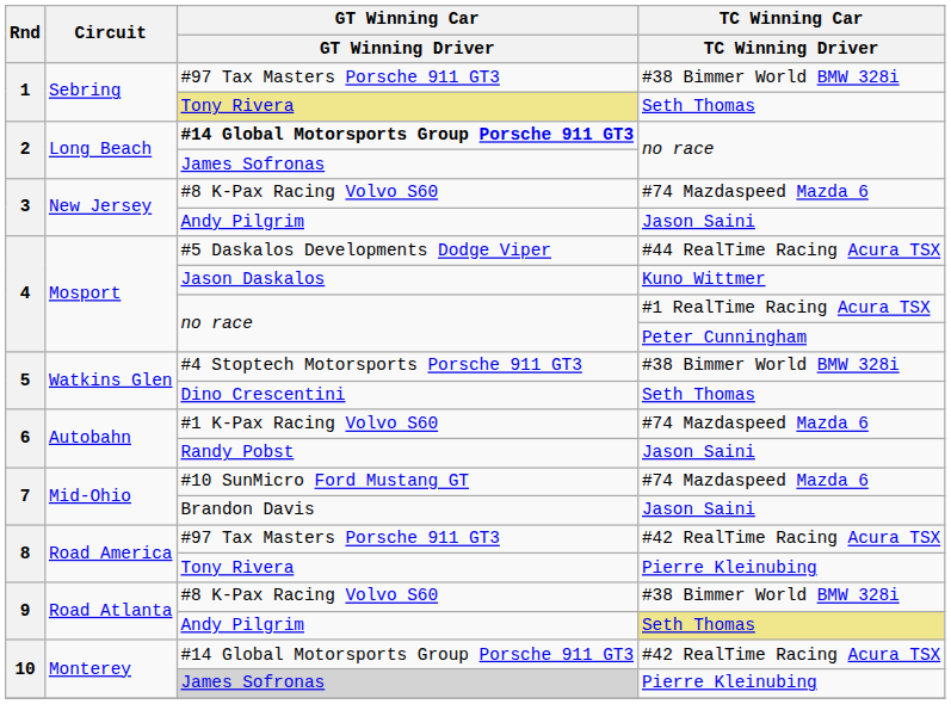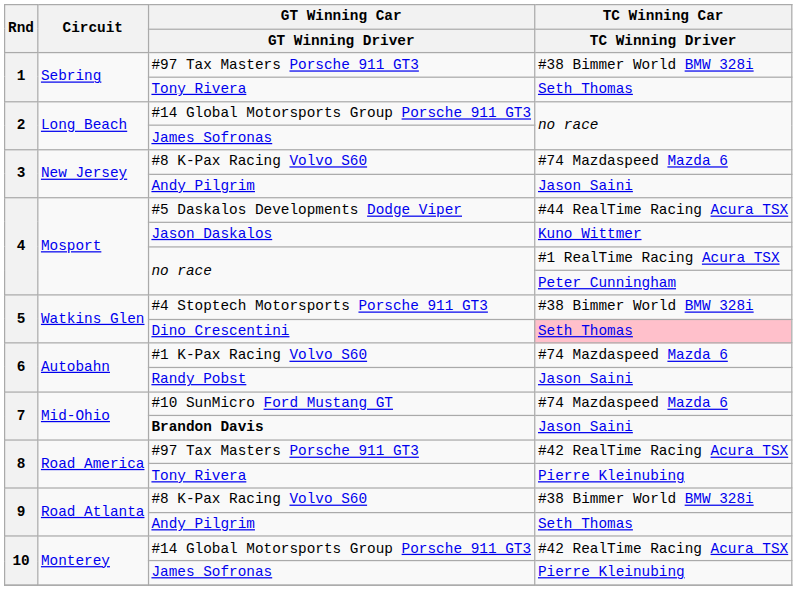 <table class="wikitable" style="font-size: 90%;">
 <tr>
 <th rowspan=2>Rnd</th>
 <th rowspan=2>Circuit</th>
 <th>GT Winning Car</th>
 <th>TC Winning Car</th>
 </tr>
 <tr>
 <th>GT Winning Driver</th>
 <th>TC Winning Driver</th>
 </tr>
 <tr>
 <th rowspan=2>1</th>
 <td rowspan=2><a href='#'>Sebring</a></td>
 <td>#97 Tax Masters <a href='#'>Porsche 911 GT3</a></td>
 <td>#38 Bimmer World <a href='#'>BMW 328i</a></td>
 </tr>
 <tr>
-<td style="background: khaki;"> <a href='#'>Tony Rivera</a></td>
+<td> <a href='#'>Tony Rivera</a></td>
 <td> <a href='#'>Seth Thomas</a></td>
 </tr>
 <tr>
 <th rowspan=2>2</th>
 <td rowspan=2><a href='#'>Long Beach</a></td>
-<td><strong>#14 Global Motorsports Group <a href='#'>Porsche 911 GT3</a></strong></td>
+<td>#14 Global Motorsports Group <a href='#'>Porsche 911 GT3</a></td>
 <td rowspan=2><em>no race</em></td>
 </tr>
 <tr>
 <td> <a href='#'>James Sofronas</a></td>
 </tr>
 <tr>
 <th rowspan=2>3</th>
 <td rowspan=2><a href='#'>New Jersey</a></td>
 <td>#8 K-Pax Racing <a href='#'>Volvo S60</a></td>
 <td>#74 Mazdaspeed <a href='#'>Mazda 6</a></td>
 </tr>
 <tr>
 <td> <a href='#'>Andy Pilgrim</a></td>
 <td> <a href='#'>Jason Saini</a></td>
 </tr>
 <tr>
 <th rowspan=4>4</th>
 <td rowspan=4><a href='#'>Mosport</a></td>
 <td>#5 Daskalos Developments <a href='#'>Dodge Viper</a></td>
 <td>#44 RealTime Racing <a href='#'>Acura TSX</a></td>
 </tr>
 <tr>
 <td> <a href='#'>Jason Daskalos</a></td>
 <td> <a href='#'>Kuno Wittmer</a></td>
 </tr>
 <tr>
 <td rowspan=2><em>no race</em></td>
 <td>#1 RealTime Racing <a href='#'>Acura TSX</a></td>
 </tr>
 <tr>
 <td> <a href='#'>Peter Cunningham</a></td>
 </tr>
 <tr>
 <th rowspan=2>5</th>
 <td rowspan=2><a href='#'>Watkins Glen</a></td>
 <td>#4 Stoptech Motorsports <a href='#'>Porsche 911 GT3</a></td>
 <td>#38 Bimmer World <a href='#'>BMW 328i</a></td>
 </tr>
 <tr>
 <td> <a href='#'>Dino Crescentini</a></td>
-<td> <a href='#'>Seth Thomas</a></td>
+<td style="background: pink;"> <a href='#'>Seth Thomas</a></td>
 </tr>
 <tr>
 <th rowspan=2>6</th>
 <td rowspan=2><a href='#'>Autobahn</a></td>
 <td>#1 K-Pax Racing <a href='#'>Volvo S60</a></td>
 <td>#74 Mazdaspeed <a href='#'>Mazda 6</a></td>
 </tr>
 <tr>
 <td> <a href='#'>Randy Pobst</a></td>
 <td> <a href='#'>Jason Saini</a></td>
 </tr>
 <tr>
 <th rowspan=2>7</th>
 <td rowspan=2><a href='#'>Mid-Ohio</a></td>
 <td>#10 SunMicro <a href='#'>Ford Mustang GT</a></td>
 <td>#74 Mazdaspeed <a href='#'>Mazda 6</a></td>
 </tr>
 <tr>
-<td> Brandon Davis</td>
+<td><strong> Brandon Davis</strong></td>
 <td> <a href='#'>Jason Saini</a></td>
 </tr>
 <tr>
 <th rowspan=2>8</th>
 <td rowspan=2><a href='#'>Road America</a></td>
 <td>#97 Tax Masters <a href='#'>Porsche 911 GT3</a></td>
 <td>#42 RealTime Racing <a href='#'>Acura TSX</a></td>
 </tr>
 <tr>
 <td> <a href='#'>Tony Rivera</a></td>
 <td> <a href='#'>Pierre Kleinubing</a></td>
 </tr>
 <tr>
 <th rowspan=2>9</th>
 <td rowspan=2><a href='#'>Road Atlanta</a></td>
 <td>#8 K-Pax Racing <a href='#'>Volvo S60</a></td>
 <td>#38 Bimmer World <a href='#'>BMW 328i</a></td>
 </tr>
 <tr>
 <td> <a href='#'>Andy Pilgrim</a></td>
-<td style="background: khaki;"> <a href='#'>Seth Thomas</a></td>
+<td> <a href='#'>Seth Thomas</a></td>
 </tr>
 <tr>
 <th rowspan=2>10</th>
 <td rowspan=2><a href='#'>Monterey</a></td>
 <td>#14 Global Motorsports Group <a href='#'>Porsche 911 GT3</a></td>
 <td>#42 RealTime Racing <a href='#'>Acura TSX</a></td>
 </tr>
 <tr>
-<td style="background: lightgrey;"> <a href='#'>James Sofronas</a></td>
+<td> <a href='#'>James Sofronas</a></td>
 <td> <a href='#'>Pierre Kleinubing</a></td>
 </tr>
 <tr>
 </tr>
 </table>
